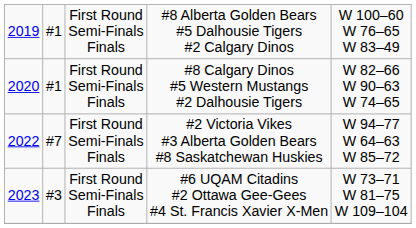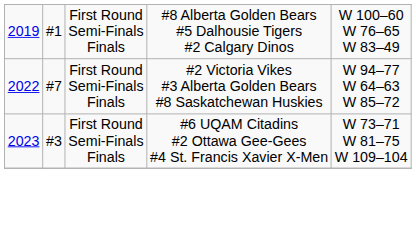 <table class="wikitable" style="text-align:center">
 <tr>
 <td rowspan=1><a href='#'>2019</a></td>
 <td>#1</td>
 <td>First Round<br>Semi-Finals<br> Finals</td>
 <td>#8 Alberta Golden Bears<br>#5 Dalhousie Tigers<br>#2 Calgary Dinos</td>
 <td>W 100–60<br>W 76–65<br>W 83–49</td>
-</tr>
-<tr style="text-align:center;">
-<td rowspan=1><a href='#'>2020</a></td>
-<td>#1</td>
-<td>First Round<br>Semi-Finals<br> Finals</td>
-<td>#8 Calgary Dinos<br>#5 Western Mustangs<br>#2 Dalhousie Tigers</td>
-<td>W 82–66<br>W 90–63<br>W 74–65</td>
 </tr>
 <tr style="text-align:center;”">
 <td rowspan=1><a href='#'>2022</a></td>
 <td>#7</td>
 <td>First Round<br>Semi-Finals<br> Finals</td>
 <td>#2 Victoria Vikes<br>#3 Alberta Golden Bears<br>#8 Saskatchewan Huskies</td>
 <td>W 94–77<br>W 64–63<br>W 85–72</td>
 </tr>
 <tr style="text-align:center;”">
 <td rowspan=1><a href='#'>2023</a></td>
 <td>#3</td>
 <td>First Round<br>Semi-Finals<br> Finals</td>
 <td>#6 UQAM Citadins<br>#2 Ottawa Gee-Gees<br>#4 St. Francis Xavier X-Men</td>
 <td>W 73–71<br>W 81–75<br>W 109–104</td>
 </tr>
 <tr style="text-align:center;”">
 </tr>
 </table>
